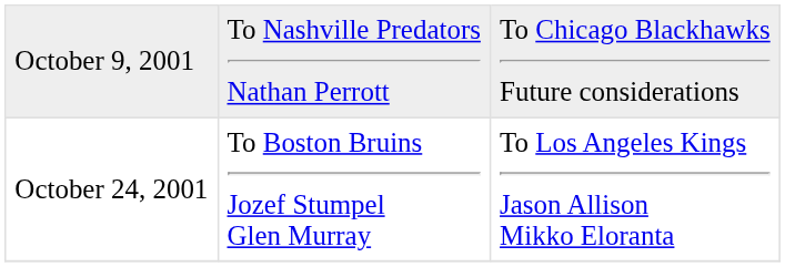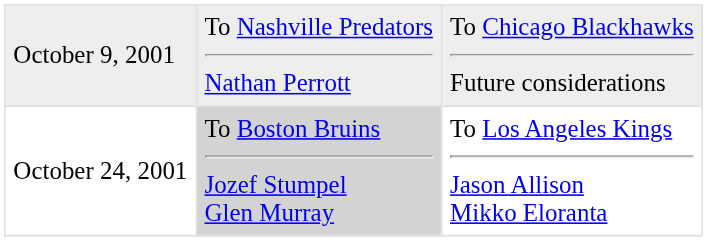 <table border=1 style="border-collapse:collapse" bordercolor="#DFDFDF"  cellpadding="5">
 <tr bgcolor="#eeeeee">
 <td>October 9, 2001</td>
 <td valign="top">To <a href='#'>Nashville Predators</a> <hr><a href='#'>Nathan Perrott</a></td>
 <td valign="top">To <a href='#'>Chicago Blackhawks</a> <hr>Future considerations</td>
 </tr>
 <tr>
 <td>October 24, 2001</td>
-<td valign="top">To <a href='#'>Boston Bruins</a> <hr><a href='#'>Jozef Stumpel</a><br><a href='#'>Glen Murray</a></td>
+<td valign="top" style="background: lightgrey;">To <a href='#'>Boston Bruins</a> <hr><a href='#'>Jozef Stumpel</a><br><a href='#'>Glen Murray</a></td>
 <td valign="top">To <a href='#'>Los Angeles Kings</a> <hr><a href='#'>Jason Allison</a><br><a href='#'>Mikko Eloranta</a></td>
 </tr>
 <tr>
 </tr>
 </table>
